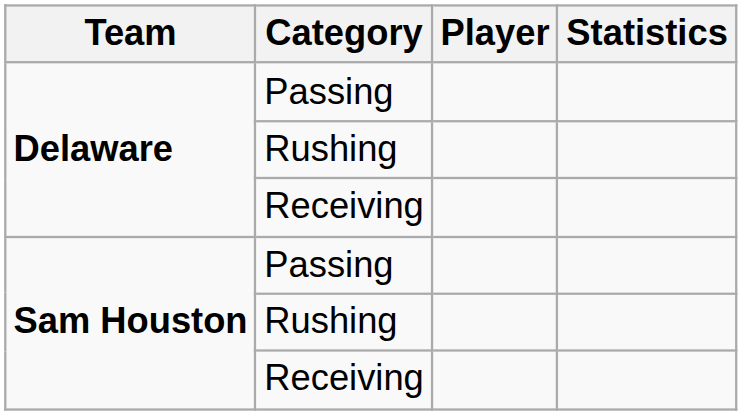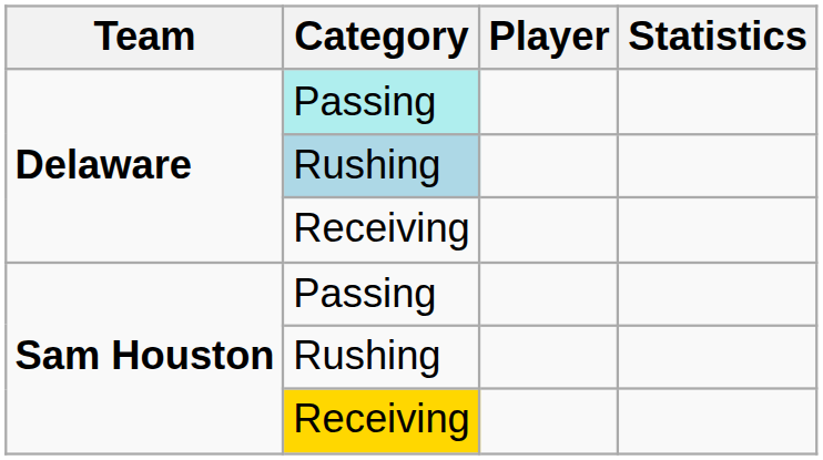 <table class="wikitable" style="float: right;">
 <tr>
 <th>Team</th>
 <th>Category</th>
 <th>Player</th>
 <th>Statistics</th>
 </tr>
 <tr>
 <td rowspan=3><strong>Delaware</strong></td>
-<td>Passing</td>
+<td style="background: paleturquoise;">Passing</td>
 <td></td>
 <td></td>
 </tr>
 <tr>
-<td>Rushing</td>
+<td style="background: lightblue;">Rushing</td>
 <td></td>
 <td></td>
 </tr>
 <tr>
 <td>Receiving</td>
 <td></td>
 <td></td>
 </tr>
 <tr>
 <td rowspan=3><strong>Sam Houston</strong></td>
 <td>Passing</td>
 <td></td>
 <td></td>
 </tr>
 <tr>
 <td>Rushing</td>
 <td></td>
 <td></td>
 </tr>
 <tr>
-<td>Receiving</td>
+<td style="background: gold;">Receiving</td>
 <td></td>
 <td></td>
 </tr>
 </table>
